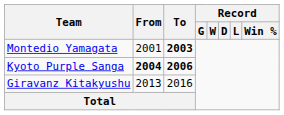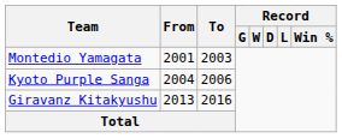 <table class="wikitable" style="text-align: center">
 <tr>
 <th rowspan="2">Team</th>
 <th rowspan="2">From</th>
 <th rowspan="2">To</th>
 <th colspan="5">Record</th>
 </tr>
 <tr>
 <th>G</th>
 <th>W</th>
 <th>D</th>
 <th>L</th>
 <th>Win %</th>
 </tr>
 <tr>
 <td align="left"><a href='#'>Montedio Yamagata</a></td>
 <td align="left">2001</td>
-<td align="left"><strong>2003<br></strong></td>
+<td align="left">2003<br></td>
 </tr>
 <tr>
 <td align="left"><a href='#'>Kyoto Purple Sanga</a></td>
-<td align="left"><strong>2004</strong></td>
-<td align="left"><strong>2006<br></strong></td>
+<td align="left">2004</td>
+<td align="left">2006<br></td>
 </tr>
 <tr>
 <td align="left"><a href='#'>Giravanz Kitakyushu</a></td>
 <td align="left">2013</td>
 <td align="left">2016<br></td>
 </tr>
 <tr>
 <th colspan="3">Total<br></th>
 </tr>
 </table>
